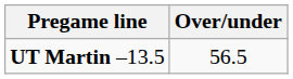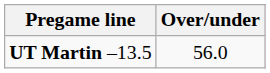 <table class="wikitable">
 <tr align="center">
 <th>Pregame line</th>
 <th>Over/under</th>
 </tr>
 <tr align="center">
 <td><strong>UT Martin</strong> –13.5</td>
-<td>56.5</td>
+<td>56.0</td>
 </tr>
 </table>
